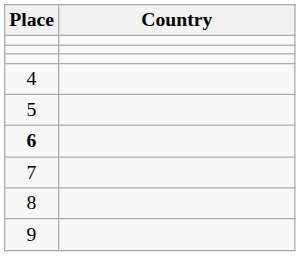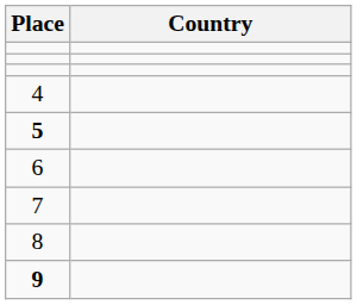 <table class=wikitable style=text-align:center>
 <tr>
 <th width=35>Place</th>
 <th width=185>Country</th>
 </tr>
 <tr>
 <td></td>
 <td style=text-align:left></td>
 </tr>
 <tr>
 <td></td>
 <td style=text-align:left></td>
 </tr>
 <tr>
 <td></td>
 <td style=text-align:left></td>
 </tr>
 <tr>
 <td>4</td>
 <td style=text-align:left></td>
 </tr>
 <tr>
-<td>5</td>
+<td><strong>5</strong></td>
 <td style=text-align:left></td>
 </tr>
 <tr>
-<td><strong>6</strong></td>
+<td>6</td>
 <td style=text-align:left></td>
 </tr>
 <tr>
 <td>7</td>
 <td style=text-align:left></td>
 </tr>
 <tr>
 <td>8</td>
 <td style=text-align:left></td>
 </tr>
 <tr>
-<td>9</td>
+<td><strong>9</strong></td>
 <td style=text-align:left></td>
 </tr>
 </table>
